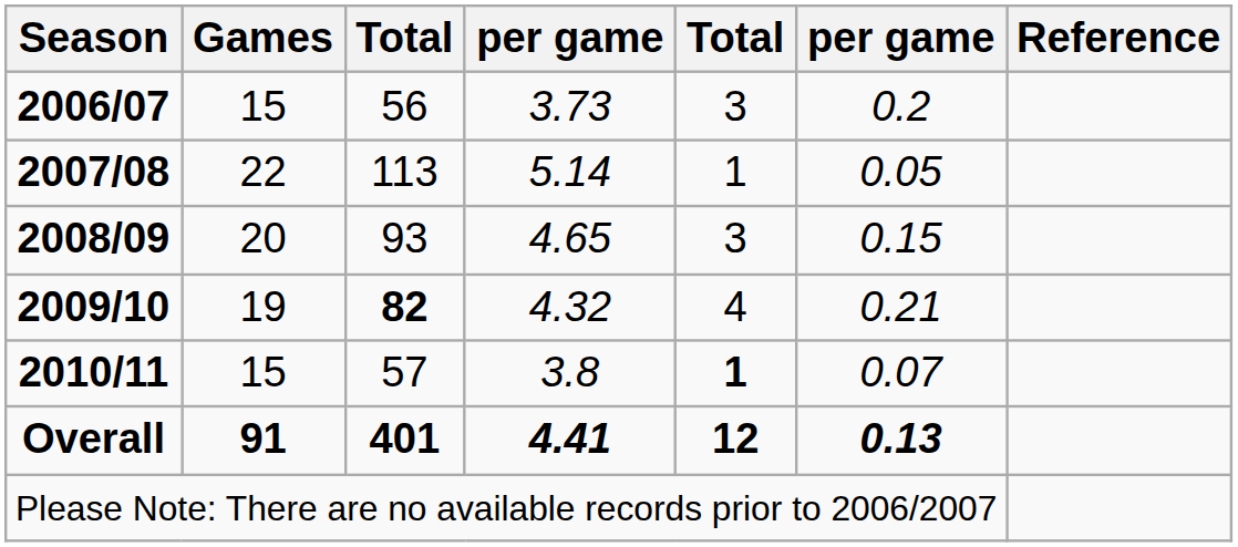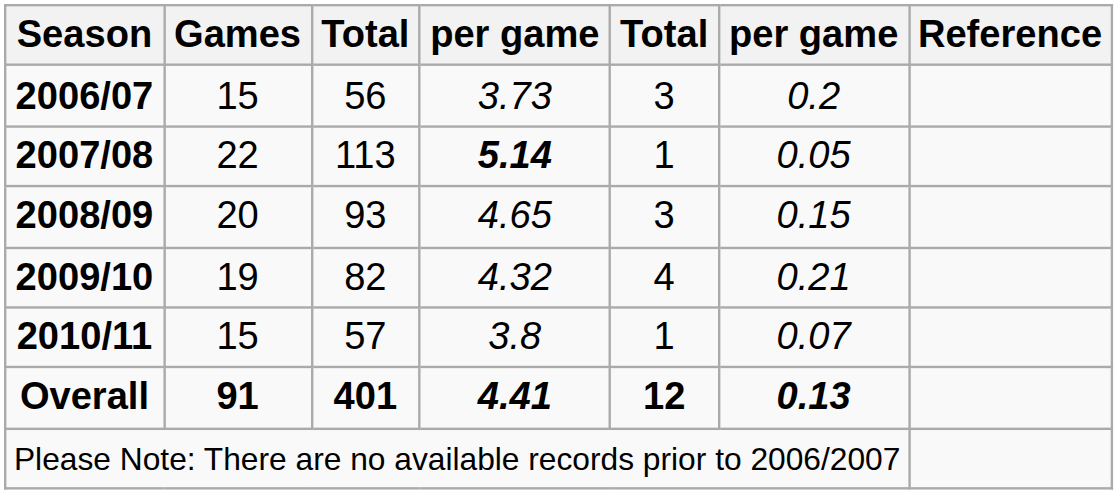 <table class="wikitable" style="text-align:center">
 <tr>
 <th>Season</th>
 <th>Games</th>
 <th>Total </th>
 <th> per game</th>
 <th>Total </th>
 <th> per game</th>
 <th>Reference</th>
 </tr>
 <tr>
 <td><strong>2006/07</strong></td>
 <td>15</td>
 <td>56</td>
 <td><em>3.73</em></td>
 <td>3</td>
 <td><em>0.2</em></td>
 <td></td>
 </tr>
 <tr>
 <td><strong>2007/08</strong></td>
 <td>22</td>
 <td>113</td>
-<td><em>5.14</em></td>
+<td><strong><em>5.14</em></strong></td>
 <td>1</td>
 <td><em>0.05</em></td>
 <td></td>
 </tr>
 <tr>
 <td><strong>2008/09</strong></td>
 <td>20</td>
 <td>93</td>
 <td><em>4.65</em></td>
 <td>3</td>
 <td><em>0.15</em></td>
 <td></td>
 </tr>
 <tr>
 <td><strong>2009/10</strong></td>
 <td>19</td>
-<td><strong>82</strong></td>
+<td>82</td>
 <td><em>4.32</em></td>
 <td>4</td>
 <td><em>0.21</em></td>
 <td></td>
 </tr>
 <tr>
 <td><strong>2010/11</strong></td>
 <td>15</td>
 <td>57</td>
 <td><em>3.8</em></td>
-<td><strong>1</strong></td>
+<td>1</td>
 <td><em>0.07</em></td>
 <td></td>
 </tr>
 <tr>
 <td><strong>Overall</strong></td>
 <td><strong>91</strong></td>
 <td><strong>401</strong></td>
 <td><strong><em>4.41</em></strong></td>
 <td><strong>12</strong></td>
 <td><strong><em>0.13</em></strong></td>
 <td></td>
 </tr>
 <tr>
 <td colspan="6" align="left"><small>Please Note: There are no available records prior to 2006/2007</small></td>
 </tr>
 </table>
